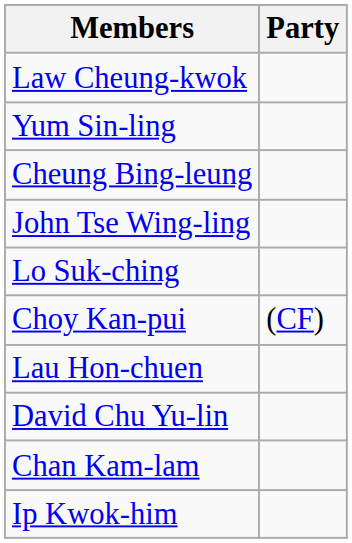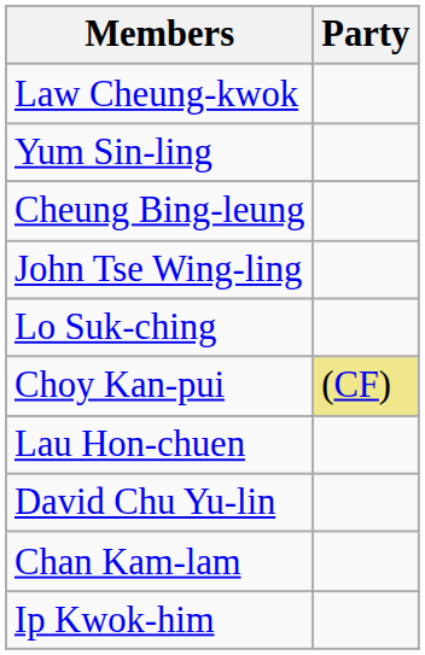 <table class="wikitable">
 <tr>
 <th>Members</th>
 <th colspan=2>Party</th>
 </tr>
 <tr>
 <td><a href='#'>Law Cheung-kwok</a></td>
 <td></td>
 </tr>
 <tr>
 <td><a href='#'>Yum Sin-ling</a></td>
 <td></td>
 </tr>
 <tr>
 <td><a href='#'>Cheung Bing-leung</a></td>
 <td></td>
 </tr>
 <tr>
 <td><a href='#'>John Tse Wing-ling</a></td>
 <td></td>
 </tr>
 <tr>
 <td><a href='#'>Lo Suk-ching</a></td>
 <td></td>
 </tr>
 <tr>
 <td><a href='#'>Choy Kan-pui</a></td>
-<td> (<a href='#'>CF</a>)</td>
+<td style="background: khaki;"> (<a href='#'>CF</a>)</td>
 </tr>
 <tr>
 <td><a href='#'>Lau Hon-chuen</a></td>
 <td></td>
 </tr>
 <tr>
 <td><a href='#'>David Chu Yu-lin</a></td>
 <td></td>
 </tr>
 <tr>
 <td><a href='#'>Chan Kam-lam</a></td>
 <td></td>
 </tr>
 <tr>
 <td><a href='#'>Ip Kwok-him</a></td>
 <td></td>
 </tr>
 </table>
